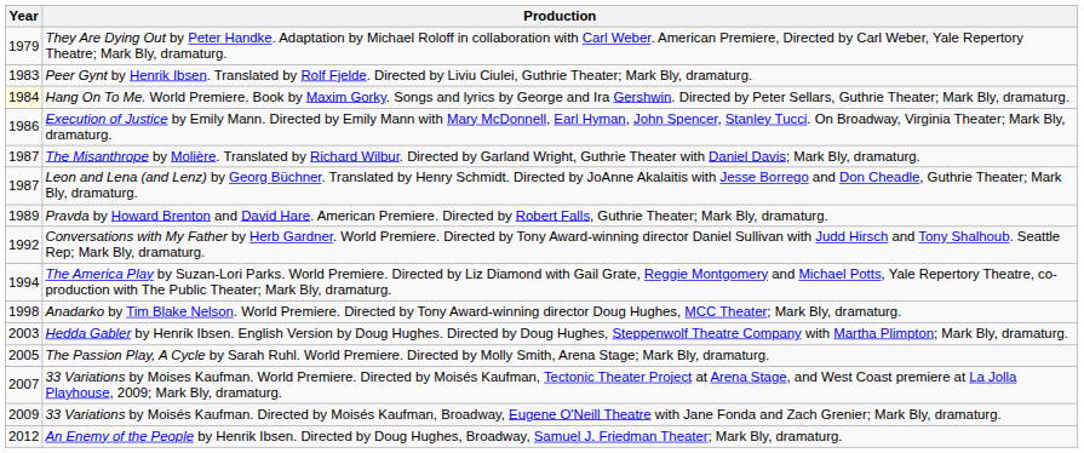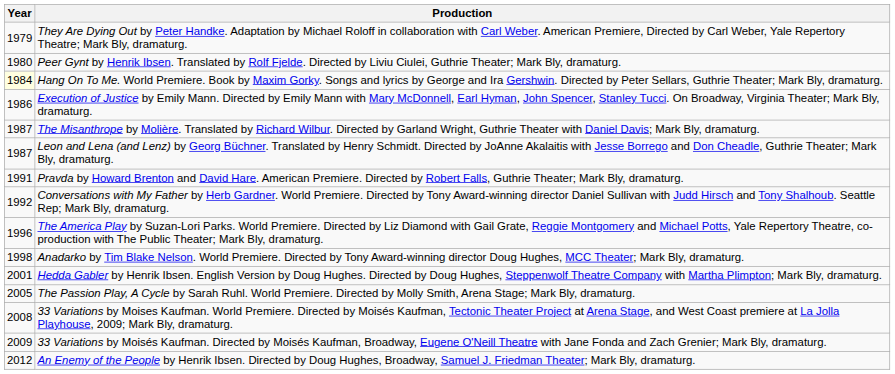 <table class="wikitable">
 <tr>
 <th>Year</th>
 <th>Production</th>
 </tr>
 <tr>
 <td>1979</td>
 <td><em>They Are Dying Out</em> by <a href='#'>Peter Handke</a>. Adaptation by Michael Roloff in collaboration with <a href='#'>Carl Weber</a>. American Premiere, Directed by Carl Weber, Yale Repertory Theatre; Mark Bly, dramaturg.</td>
 </tr>
 <tr>
-<td>1983</td>
+<td>1980</td>
 <td><em>Peer Gynt</em> by <a href='#'>Henrik Ibsen</a>. Translated by <a href='#'>Rolf Fjelde</a>. Directed by Liviu Ciulei, Guthrie Theater; Mark Bly, dramaturg.</td>
 </tr>
 <tr>
 <td style="background: lightyellow;">1984</td>
 <td><em>Hang On To Me.</em> World Premiere. Book by <a href='#'>Maxim Gorky</a>. Songs and lyrics by George and Ira <a href='#'>Gershwin</a>. Directed by Peter Sellars, Guthrie Theater; Mark Bly, dramaturg.</td>
 </tr>
 <tr>
 <td>1986</td>
 <td><em><a href='#'>Execution of Justice</a></em> by Emily Mann. Directed by Emily Mann with <a href='#'>Mary McDonnell</a>, <a href='#'>Earl Hyman</a>, <a href='#'>John Spencer</a>, <a href='#'>Stanley Tucci</a>. On Broadway, Virginia Theater; Mark Bly, dramaturg.</td>
 </tr>
 <tr>
 <td>1987</td>
 <td><em><a href='#'>The Misanthrope</a></em> by <a href='#'>Molière</a>. Translated by <a href='#'>Richard Wilbur</a>. Directed by Garland Wright, Guthrie Theater with <a href='#'>Daniel Davis</a>; Mark Bly, dramaturg.</td>
 </tr>
 <tr>
 <td>1987</td>
 <td><em>Leon and Lena (and Lenz)</em> by <a href='#'>Georg Büchner</a>. Translated by Henry Schmidt. Directed by JoAnne Akalaitis with <a href='#'>Jesse Borrego</a> and <a href='#'>Don Cheadle</a>, Guthrie Theater; Mark Bly, dramaturg.</td>
 </tr>
 <tr>
-<td>1989</td>
+<td>1991</td>
 <td><em>Pravda</em> by <a href='#'>Howard Brenton</a> and <a href='#'>David Hare</a>. American Premiere. Directed by <a href='#'>Robert Falls</a>, Guthrie Theater; Mark Bly, dramaturg.</td>
 </tr>
 <tr>
 <td>1992</td>
 <td><em>Conversations with My Father</em> by <a href='#'>Herb Gardner</a>. World Premiere. Directed by Tony Award-winning director Daniel Sullivan with <a href='#'>Judd Hirsch</a> and <a href='#'>Tony Shalhoub</a>. Seattle Rep; Mark Bly, dramaturg.</td>
 </tr>
 <tr>
-<td>1994</td>
+<td>1996</td>
 <td><em><a href='#'>The America Play</a></em> by Suzan-Lori Parks. World Premiere. Directed by Liz Diamond with Gail Grate, <a href='#'>Reggie Montgomery</a> and <a href='#'>Michael Potts</a>, Yale Repertory Theatre, co-production with The Public Theater; Mark Bly, dramaturg.</td>
 </tr>
 <tr>
 <td>1998</td>
 <td><em>Anadarko</em> by <a href='#'>Tim Blake Nelson</a>. World Premiere. Directed by Tony Award-winning director Doug Hughes, <a href='#'>MCC Theater</a>; Mark Bly, dramaturg.</td>
 </tr>
 <tr>
-<td>2003</td>
+<td>2001</td>
 <td><em><a href='#'>Hedda Gabler</a></em> by Henrik Ibsen. English Version by Doug Hughes. Directed by Doug Hughes, <a href='#'>Steppenwolf Theatre Company</a> with <a href='#'>Martha Plimpton</a>; Mark Bly, dramaturg.</td>
 </tr>
 <tr>
 <td>2005</td>
 <td><em>The Passion Play, A Cycle</em> by Sarah Ruhl. World Premiere. Directed by Molly Smith, Arena Stage; Mark Bly, dramaturg.</td>
 </tr>
 <tr>
-<td>2007</td>
+<td>2008</td>
 <td><em>33 Variations</em> by Moises Kaufman. World Premiere. Directed by Moisés Kaufman, <a href='#'>Tectonic Theater Project</a> at <a href='#'>Arena Stage</a>, and West Coast premiere at <a href='#'>La Jolla Playhouse</a>, 2009; Mark Bly, dramaturg.</td>
 </tr>
 <tr>
 <td>2009</td>
 <td><em>33 Variations</em> by Moisés Kaufman. Directed by Moisés Kaufman, Broadway, <a href='#'>Eugene O'Neill Theatre</a> with Jane Fonda and Zach Grenier; Mark Bly, dramaturg.</td>
 </tr>
 <tr>
 <td>2012</td>
 <td><em><a href='#'>An Enemy of the People</a></em> by Henrik Ibsen. Directed by Doug Hughes, Broadway, <a href='#'>Samuel J. Friedman Theater</a>; Mark Bly, dramaturg.</td>
 </tr>
 </table>
